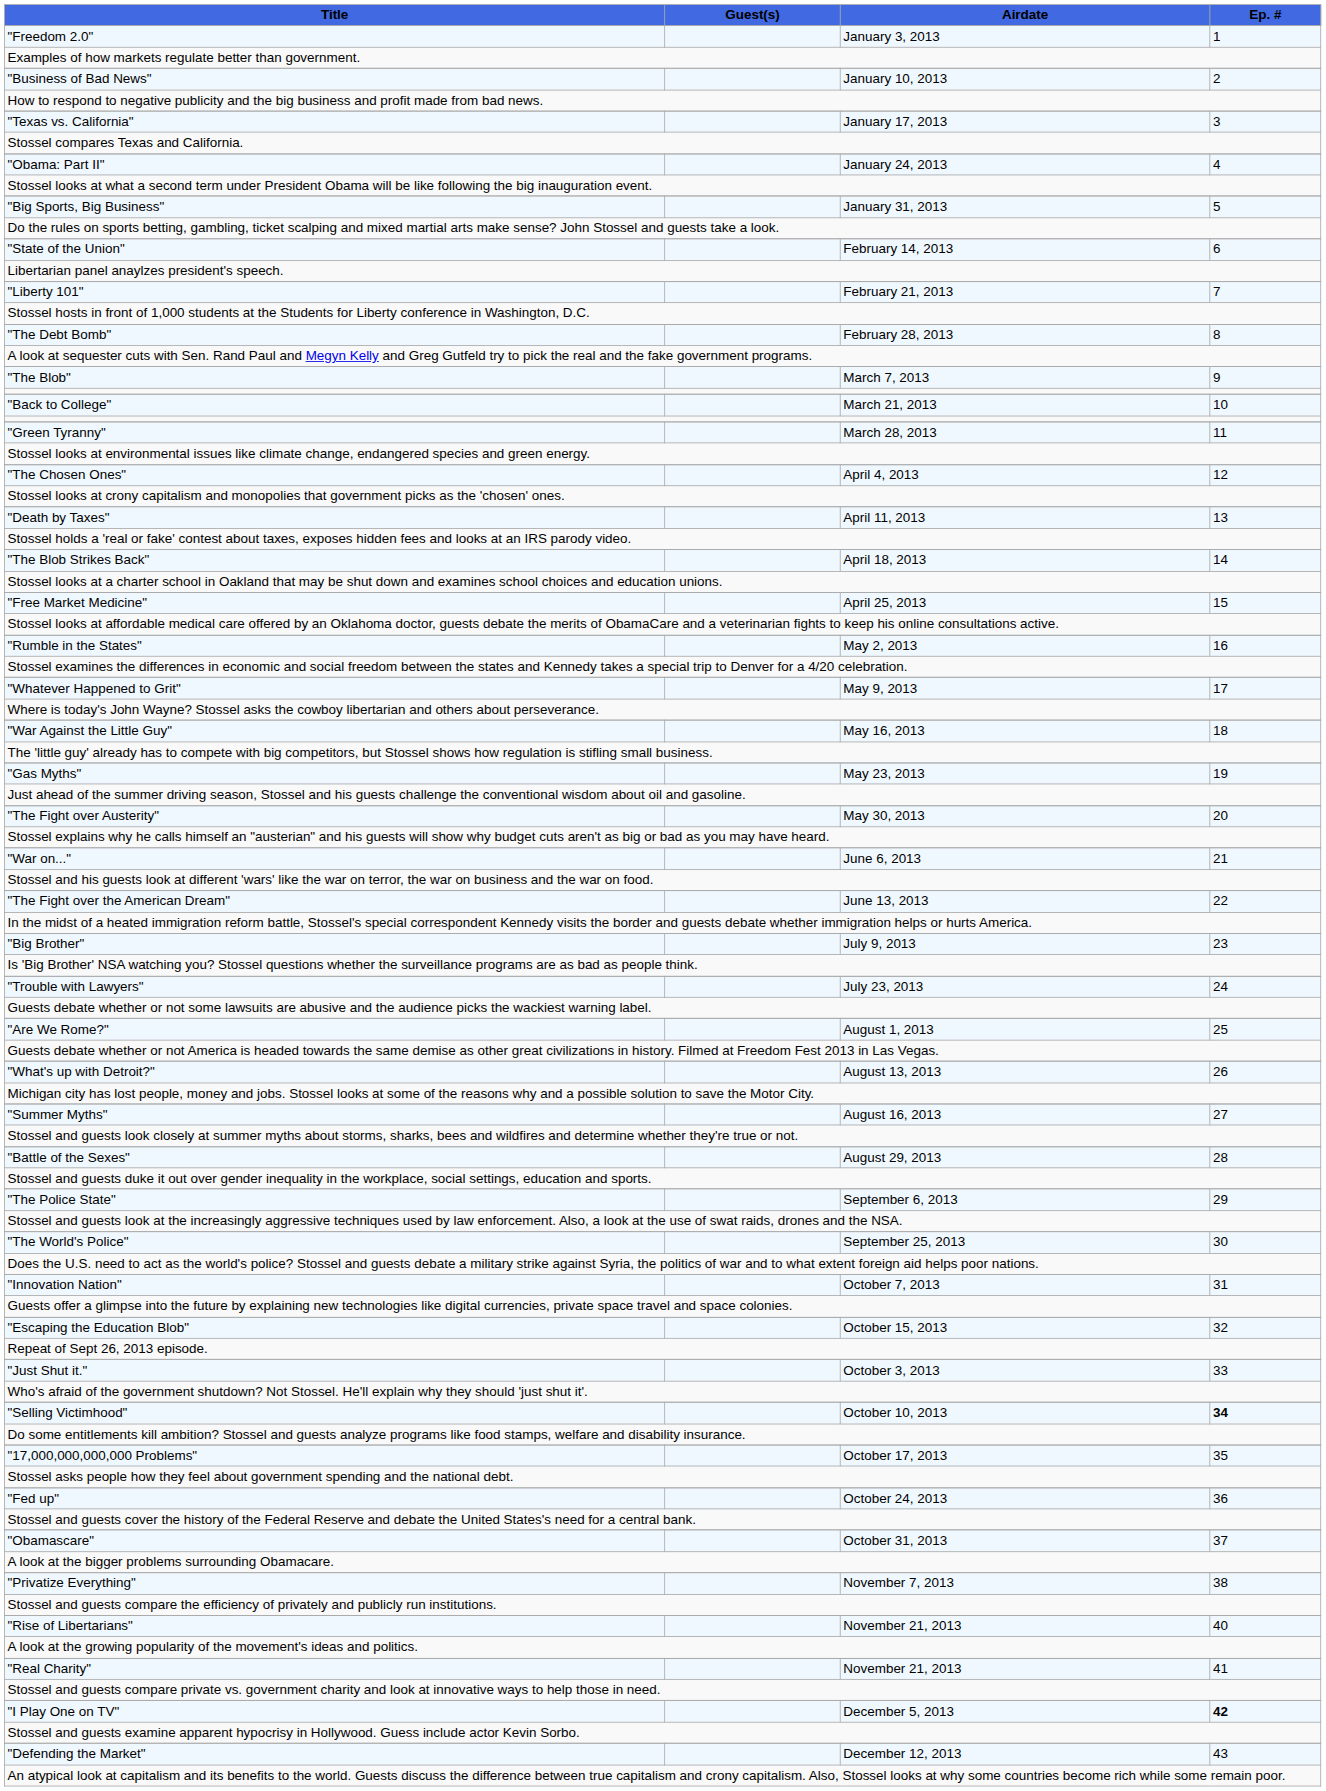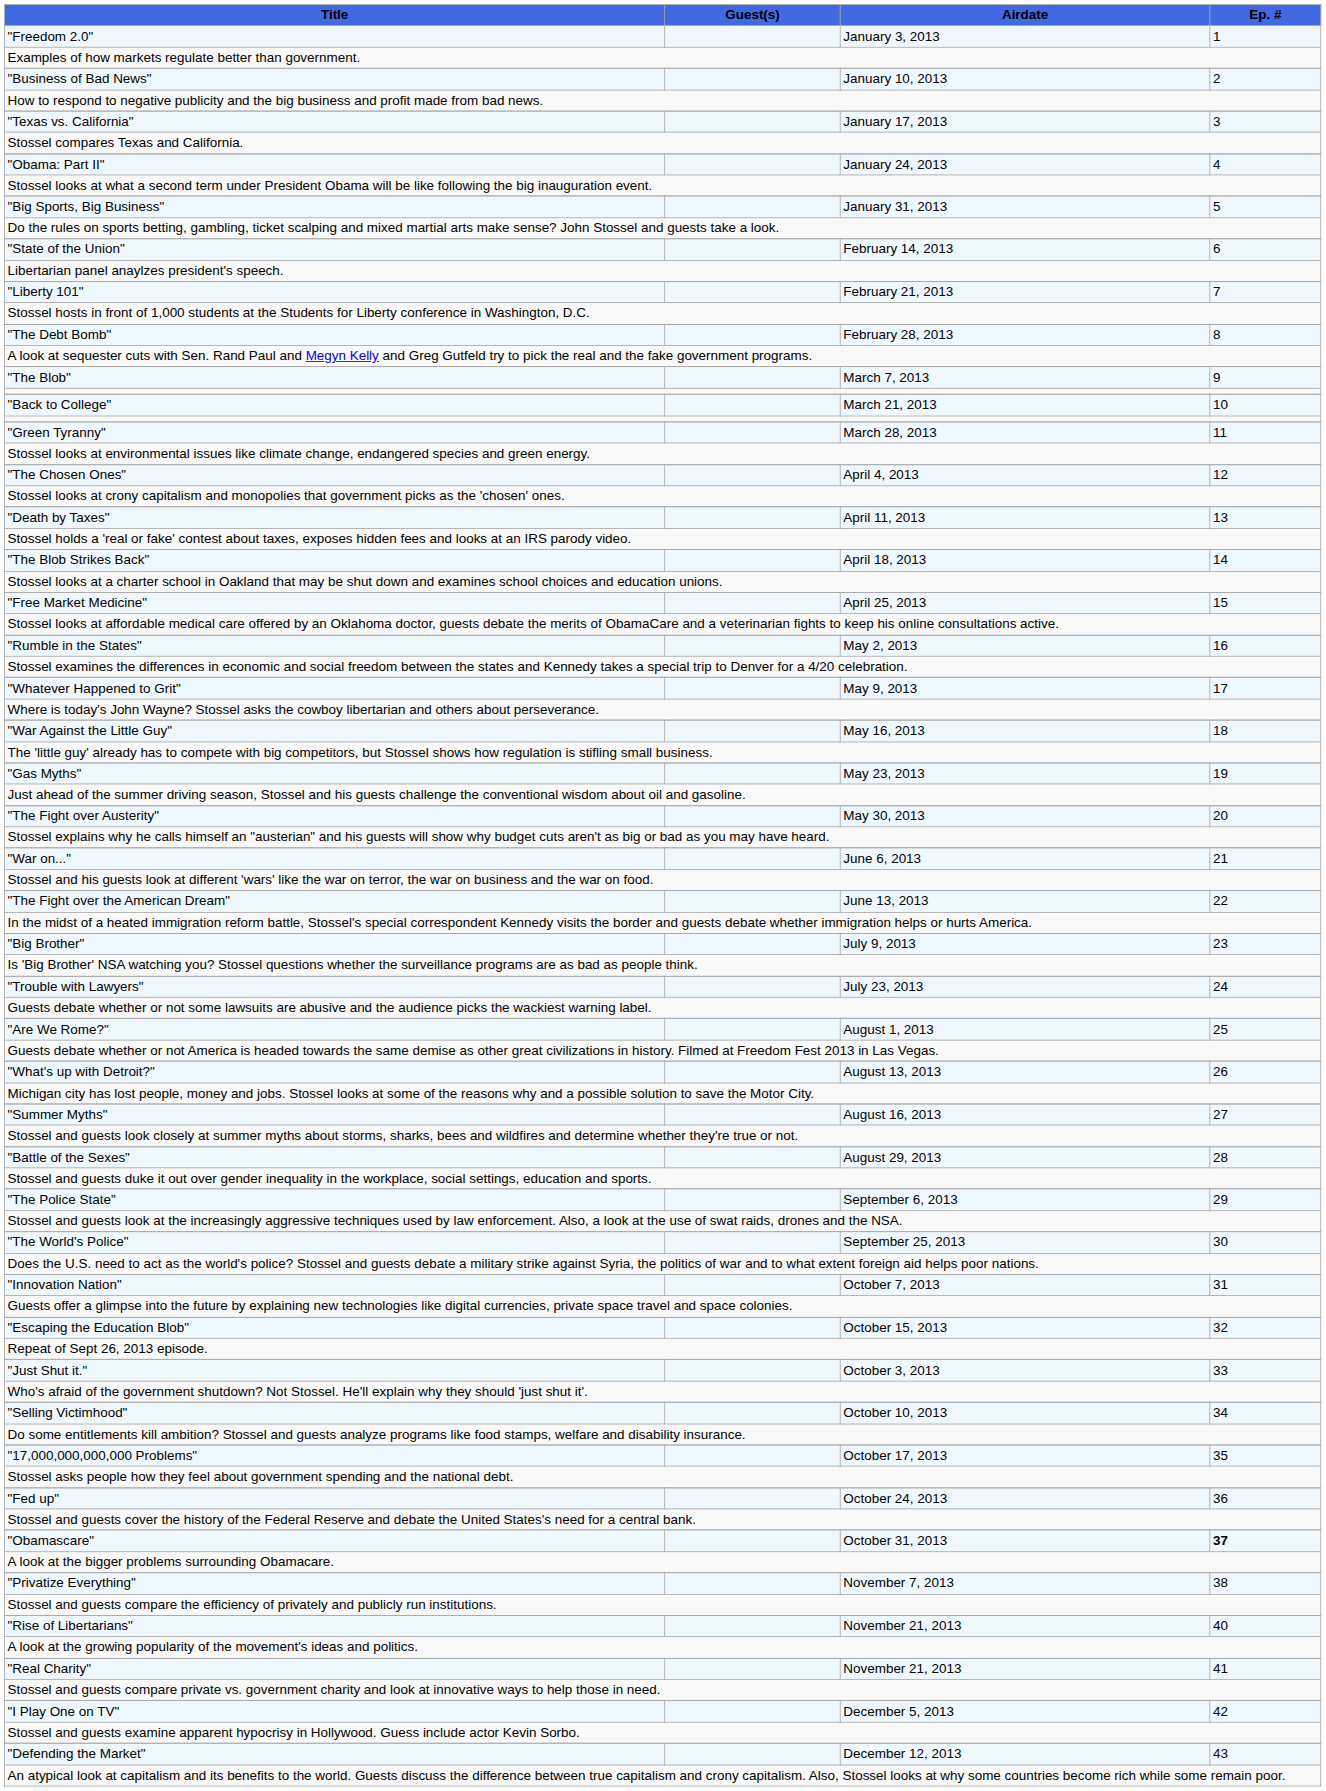 <table class="wikitable" width=99%>
 <tr style="background-color: #0e90b0">
 <th style="background-color: #4169E1"><span>Title</span></th>
 <th ! style="background-color: #4169E1"><span>Guest(s)</span></th>
 <th ! style="background-color: #4169E1"><span>Airdate</span></th>
 <th ! style="background-color: #4169E1"><span>Ep. #</span></th>
 </tr>
 <tr>
 </tr>
 <tr style="background-color: #F0F8FF;" |>
 <td>"Freedom 2.0"</td>
 <td></td>
 <td>January 3, 2013</td>
 <td>1</td>
 </tr>
 <tr>
 <td colspan="4">Examples of how markets regulate better than government.</td>
 </tr>
 <tr>
 </tr>
 <tr style="background-color: #F0F8FF;" |>
 <td>"Business of Bad News"</td>
 <td></td>
 <td>January 10, 2013</td>
 <td>2</td>
 </tr>
 <tr>
 <td colspan="4">How to respond to negative publicity and the big business and profit made from bad news.</td>
 </tr>
 <tr>
 </tr>
 <tr style="background-color: #F0F8FF;" |>
 <td>"Texas vs. California"</td>
 <td></td>
 <td>January 17, 2013</td>
 <td>3</td>
 </tr>
 <tr>
 <td colspan="4">Stossel compares Texas and California.</td>
 </tr>
 <tr>
 </tr>
 <tr style="background-color: #F0F8FF;" |>
 <td>"Obama: Part II"</td>
 <td></td>
 <td>January 24, 2013</td>
 <td>4</td>
 </tr>
 <tr>
 <td colspan="4">Stossel looks at what a second term under President Obama will be like following the big inauguration event.</td>
 </tr>
 <tr>
 </tr>
 <tr style="background-color: #F0F8FF;" |>
 <td>"Big Sports, Big Business"</td>
 <td></td>
 <td>January 31, 2013</td>
 <td>5</td>
 </tr>
 <tr>
 <td colspan="4">Do the rules on sports betting, gambling, ticket scalping and mixed martial arts make sense? John Stossel and guests take a look.</td>
 </tr>
 <tr>
 </tr>
 <tr style="background-color: #F0F8FF;" |>
 <td>"State of the Union"</td>
 <td></td>
 <td>February 14, 2013</td>
 <td>6</td>
 </tr>
 <tr>
 <td colspan="4">Libertarian panel anaylzes president's speech.</td>
 </tr>
 <tr>
 </tr>
 <tr style="background-color: #F0F8FF;" |>
 <td>"Liberty 101"</td>
 <td></td>
 <td>February 21, 2013</td>
 <td>7</td>
 </tr>
 <tr>
 <td colspan="4">Stossel hosts in front of 1,000 students at the Students for Liberty conference in Washington, D.C.</td>
 </tr>
 <tr>
 </tr>
 <tr style="background-color: #F0F8FF;" |>
 <td>"The Debt Bomb"</td>
 <td></td>
 <td>February 28, 2013</td>
 <td>8</td>
 </tr>
 <tr>
 <td colspan="4">A look at sequester cuts with Sen. Rand Paul and <a href='#'>Megyn Kelly</a> and Greg Gutfeld try to pick the real and the fake government programs.</td>
 </tr>
 <tr>
 </tr>
 <tr style="background-color: #F0F8FF;" |>
 <td>"The Blob"</td>
 <td></td>
 <td>March 7, 2013</td>
 <td>9</td>
 </tr>
 <tr>
 <td colspan="4"></td>
 </tr>
 <tr>
 </tr>
 <tr style="background-color: #F0F8FF;" |>
 <td>"Back to College"</td>
 <td></td>
 <td>March 21, 2013</td>
 <td>10</td>
 </tr>
 <tr>
 <td colspan="4"></td>
 </tr>
 <tr>
 </tr>
 <tr style="background-color: #F0F8FF;" |>
 <td>"Green Tyranny"</td>
 <td></td>
 <td>March 28, 2013</td>
 <td>11</td>
 </tr>
 <tr>
 <td colspan="4">Stossel looks at environmental issues like climate change, endangered species and green energy.</td>
 </tr>
 <tr>
 </tr>
 <tr style="background-color: #F0F8FF;" |>
 <td>"The Chosen Ones"</td>
 <td></td>
 <td>April 4, 2013</td>
 <td>12</td>
 </tr>
 <tr>
 <td colspan="4">Stossel looks at crony capitalism and monopolies that government picks as the 'chosen' ones.</td>
 </tr>
 <tr>
 </tr>
 <tr style="background-color: #F0F8FF;" |>
 <td>"Death by Taxes"</td>
 <td></td>
 <td>April 11, 2013</td>
 <td>13</td>
 </tr>
 <tr>
 <td colspan="4">Stossel holds a 'real or fake' contest about taxes, exposes hidden fees and looks at an IRS parody video.</td>
 </tr>
 <tr>
 </tr>
 <tr |- style="background-color: #F0F8FF;" |>
 <td>"The Blob Strikes Back"</td>
 <td></td>
 <td>April 18, 2013</td>
 <td>14</td>
 </tr>
 <tr>
 <td colspan="4">Stossel looks at a charter school in Oakland that may be shut down and examines school choices and education unions.</td>
 </tr>
 <tr>
 </tr>
 <tr |- style="background-color: #F0F8FF;" |>
 <td>"Free Market Medicine"</td>
 <td></td>
 <td>April 25, 2013</td>
 <td>15</td>
 </tr>
 <tr>
 <td colspan="4">Stossel looks at affordable medical care offered by an Oklahoma doctor, guests debate the merits of ObamaCare and a veterinarian fights to keep his online consultations active.</td>
 </tr>
 <tr>
 </tr>
 <tr |- style="background-color: #F0F8FF;" |>
 <td>"Rumble in the States"</td>
 <td></td>
 <td>May 2, 2013</td>
 <td>16</td>
 </tr>
 <tr>
 <td colspan="4">Stossel examines the differences in economic and social freedom between the states and Kennedy takes a special trip to Denver for a 4/20 celebration.</td>
 </tr>
 <tr>
 </tr>
 <tr |- style="background-color: #F0F8FF;" |>
 <td>"Whatever Happened to Grit"</td>
 <td></td>
 <td>May 9, 2013</td>
 <td>17</td>
 </tr>
 <tr>
 <td colspan="4">Where is today's John Wayne? Stossel asks the cowboy libertarian and others about perseverance.</td>
 </tr>
 <tr>
 </tr>
 <tr |- style="background-color: #F0F8FF;" |>
 <td>"War Against the Little Guy"</td>
 <td></td>
 <td>May 16, 2013</td>
 <td>18</td>
 </tr>
 <tr>
 <td colspan="4">The 'little guy' already has to compete with big competitors, but Stossel shows how regulation is stifling small business.</td>
 </tr>
 <tr>
 </tr>
 <tr |- style="background-color: #F0F8FF;" |>
 <td>"Gas Myths"</td>
 <td></td>
 <td>May 23, 2013</td>
 <td>19</td>
 </tr>
 <tr>
 <td colspan="4">Just ahead of the summer driving season, Stossel and his guests challenge the conventional wisdom about oil and gasoline.</td>
 </tr>
 <tr>
 </tr>
 <tr |- style="background-color: #F0F8FF;" |>
 <td>"The Fight over Austerity"</td>
 <td></td>
 <td>May 30, 2013</td>
 <td>20</td>
 </tr>
 <tr>
 <td colspan="4">Stossel explains why he calls himself an "austerian" and his guests will show why budget cuts aren't as big or bad as you may have heard.</td>
 </tr>
 <tr>
 </tr>
 <tr |- style="background-color: #F0F8FF;" |>
 <td>"War on..."</td>
 <td></td>
 <td>June 6, 2013</td>
 <td>21</td>
 </tr>
 <tr>
 <td colspan="4">Stossel and his guests look at different 'wars' like the war on terror, the war on business and the war on food.</td>
 </tr>
 <tr>
 </tr>
 <tr |- style="background-color: #F0F8FF;" |>
 <td>"The Fight over the American Dream"</td>
 <td></td>
 <td>June 13, 2013</td>
 <td>22</td>
 </tr>
 <tr>
 <td colspan="4">In the midst of a heated immigration reform battle, Stossel's special correspondent Kennedy visits the border and guests debate whether immigration helps or hurts America.</td>
 </tr>
 <tr>
 </tr>
 <tr |- style="background-color: #F0F8FF;" |>
 <td>"Big Brother"</td>
 <td></td>
 <td>July 9, 2013</td>
 <td>23</td>
 </tr>
 <tr>
 <td colspan="4">Is 'Big Brother' NSA watching you? Stossel questions whether the surveillance programs are as bad as people think.</td>
 </tr>
 <tr>
 </tr>
 <tr |- style="background-color: #F0F8FF;" |>
 <td>"Trouble with Lawyers"</td>
 <td></td>
 <td>July 23, 2013</td>
 <td>24</td>
 </tr>
 <tr>
 <td colspan="4">Guests debate whether or not some lawsuits are abusive and the audience picks the wackiest warning label.</td>
 </tr>
 <tr>
 </tr>
 <tr |- style="background-color: #F0F8FF;" |>
 <td>"Are We Rome?"</td>
 <td></td>
 <td>August 1, 2013</td>
 <td>25</td>
 </tr>
 <tr>
 <td colspan="4">Guests debate whether or not America is headed towards the same demise as other great civilizations in history. Filmed at Freedom Fest 2013 in Las Vegas.</td>
 </tr>
 <tr>
 </tr>
 <tr |- style="background-color: #F0F8FF;" |>
 <td>"What's up with Detroit?"</td>
 <td></td>
 <td>August 13, 2013</td>
 <td>26</td>
 </tr>
 <tr>
 <td colspan="4">Michigan city has lost people, money and jobs. Stossel looks at some of the reasons why and a possible solution to save the Motor City.</td>
 </tr>
 <tr>
 </tr>
 <tr |- style="background-color: #F0F8FF;" |>
 <td>"Summer Myths"</td>
 <td></td>
 <td>August 16, 2013</td>
 <td>27</td>
 </tr>
 <tr>
 <td colspan="4">Stossel and guests look closely at summer myths about storms, sharks, bees and wildfires and determine whether they're true or not.</td>
 </tr>
 <tr>
 </tr>
 <tr |- style="background-color: #F0F8FF;" |>
 <td>"Battle of the Sexes"</td>
 <td></td>
 <td>August 29, 2013</td>
 <td>28</td>
 </tr>
 <tr>
 <td colspan="4">Stossel and guests duke it out over gender inequality in the workplace, social settings, education and sports.</td>
 </tr>
 <tr>
 </tr>
 <tr |- style="background-color: #F0F8FF;" |>
 <td>"The Police State"</td>
 <td></td>
 <td>September 6, 2013</td>
 <td>29</td>
 </tr>
 <tr>
 <td colspan="4">Stossel and guests look at the increasingly aggressive techniques used by law enforcement. Also, a look at the use of swat raids, drones and the NSA.</td>
 </tr>
 <tr>
 </tr>
 <tr |- style="background-color: #F0F8FF;" |>
 <td>"The World's Police"</td>
 <td></td>
 <td>September 25, 2013</td>
 <td>30</td>
 </tr>
 <tr>
 <td colspan="4">Does the U.S. need to act as the world's police? Stossel and guests debate a military strike against Syria, the politics of war and to what extent foreign aid helps poor nations.</td>
 </tr>
 <tr>
 </tr>
 <tr |- style="background-color: #F0F8FF;" |>
 <td>"Innovation Nation"</td>
 <td></td>
 <td>October 7, 2013</td>
 <td>31</td>
 </tr>
 <tr>
 <td colspan="4">Guests offer a glimpse into the future by explaining new technologies like digital currencies, private space travel and space colonies.</td>
 </tr>
 <tr>
 </tr>
 <tr |- style="background-color: #F0F8FF;" |>
 <td>"Escaping the Education Blob"</td>
 <td></td>
 <td>October 15, 2013</td>
 <td>32</td>
 </tr>
 <tr>
 <td colspan="4">Repeat of Sept 26, 2013 episode.</td>
 </tr>
 <tr>
 </tr>
 <tr |- style="background-color: #F0F8FF;" |>
 <td>"Just Shut it."</td>
 <td></td>
 <td>October 3, 2013</td>
 <td>33</td>
 </tr>
 <tr>
 <td colspan="4">Who's afraid of the government shutdown? Not Stossel. He'll explain why they should 'just shut it'.</td>
 </tr>
 <tr>
 </tr>
 <tr |- style="background-color: #F0F8FF;" |>
 <td>"Selling Victimhood"</td>
 <td></td>
 <td>October 10, 2013</td>
-<td><strong>34</strong></td>
+<td>34</td>
 </tr>
 <tr>
 <td colspan="4">Do some entitlements kill ambition? Stossel and guests analyze programs like food stamps, welfare and disability insurance.</td>
 </tr>
 <tr>
 </tr>
 <tr |- style="background-color: #F0F8FF;" |>
 <td>"17,000,000,000,000 Problems"</td>
 <td></td>
 <td>October 17, 2013</td>
 <td>35</td>
 </tr>
 <tr>
 <td colspan="4">Stossel asks people how they feel about government spending and the national debt.</td>
 </tr>
 <tr>
 </tr>
 <tr |- style="background-color: #F0F8FF;" |>
 <td>"Fed up"</td>
 <td></td>
 <td>October 24, 2013</td>
 <td>36</td>
 </tr>
 <tr>
 <td colspan="4">Stossel and guests cover the history of the Federal Reserve and debate the United States's need for a central bank.</td>
 </tr>
 <tr>
 </tr>
 <tr |- style="background-color: #F0F8FF;" |>
 <td>"Obamascare"</td>
 <td></td>
 <td>October 31, 2013</td>
-<td>37</td>
+<td><strong>37</strong></td>
 </tr>
 <tr>
 <td colspan="4">A look at the bigger problems surrounding Obamacare.</td>
 </tr>
 <tr>
 </tr>
 <tr |- style="background-color: #F0F8FF;" |>
 <td>"Privatize Everything"</td>
 <td></td>
 <td>November 7, 2013</td>
 <td>38</td>
 </tr>
 <tr>
 <td colspan="4">Stossel and guests compare the efficiency of privately and publicly run institutions.</td>
 </tr>
 <tr>
 </tr>
 <tr |- style="background-color: #F0F8FF;" |>
 <td>"Rise of Libertarians"</td>
 <td></td>
 <td>November 21, 2013</td>
 <td>40</td>
 </tr>
 <tr>
 <td colspan="4">A look at the growing popularity of the movement's ideas and politics.</td>
 </tr>
 <tr>
 </tr>
 <tr |- style="background-color: #F0F8FF;" |>
 <td>"Real Charity"</td>
 <td></td>
 <td>November 21, 2013</td>
 <td>41</td>
 </tr>
 <tr>
 <td colspan="4">Stossel and guests compare private vs. government charity and look at innovative ways to help those in need.</td>
 </tr>
 <tr>
 </tr>
 <tr |- style="background-color: #F0F8FF;" |>
 <td>"I Play One on TV"</td>
 <td></td>
 <td>December 5, 2013</td>
-<td><strong>42</strong></td>
+<td>42</td>
 </tr>
 <tr>
 <td colspan="4">Stossel and guests examine apparent hypocrisy in Hollywood. Guess include actor Kevin Sorbo.</td>
 </tr>
 <tr>
 </tr>
 <tr |- style="background-color: #F0F8FF;" |>
 <td>"Defending the Market"</td>
 <td></td>
 <td>December 12, 2013</td>
 <td>43</td>
 </tr>
 <tr>
 <td colspan="4">An atypical look at capitalism and its benefits to the world. Guests discuss the difference between true capitalism and crony capitalism. Also, Stossel looks at why some countries become rich while some remain poor.</td>
 </tr>
 </table>
